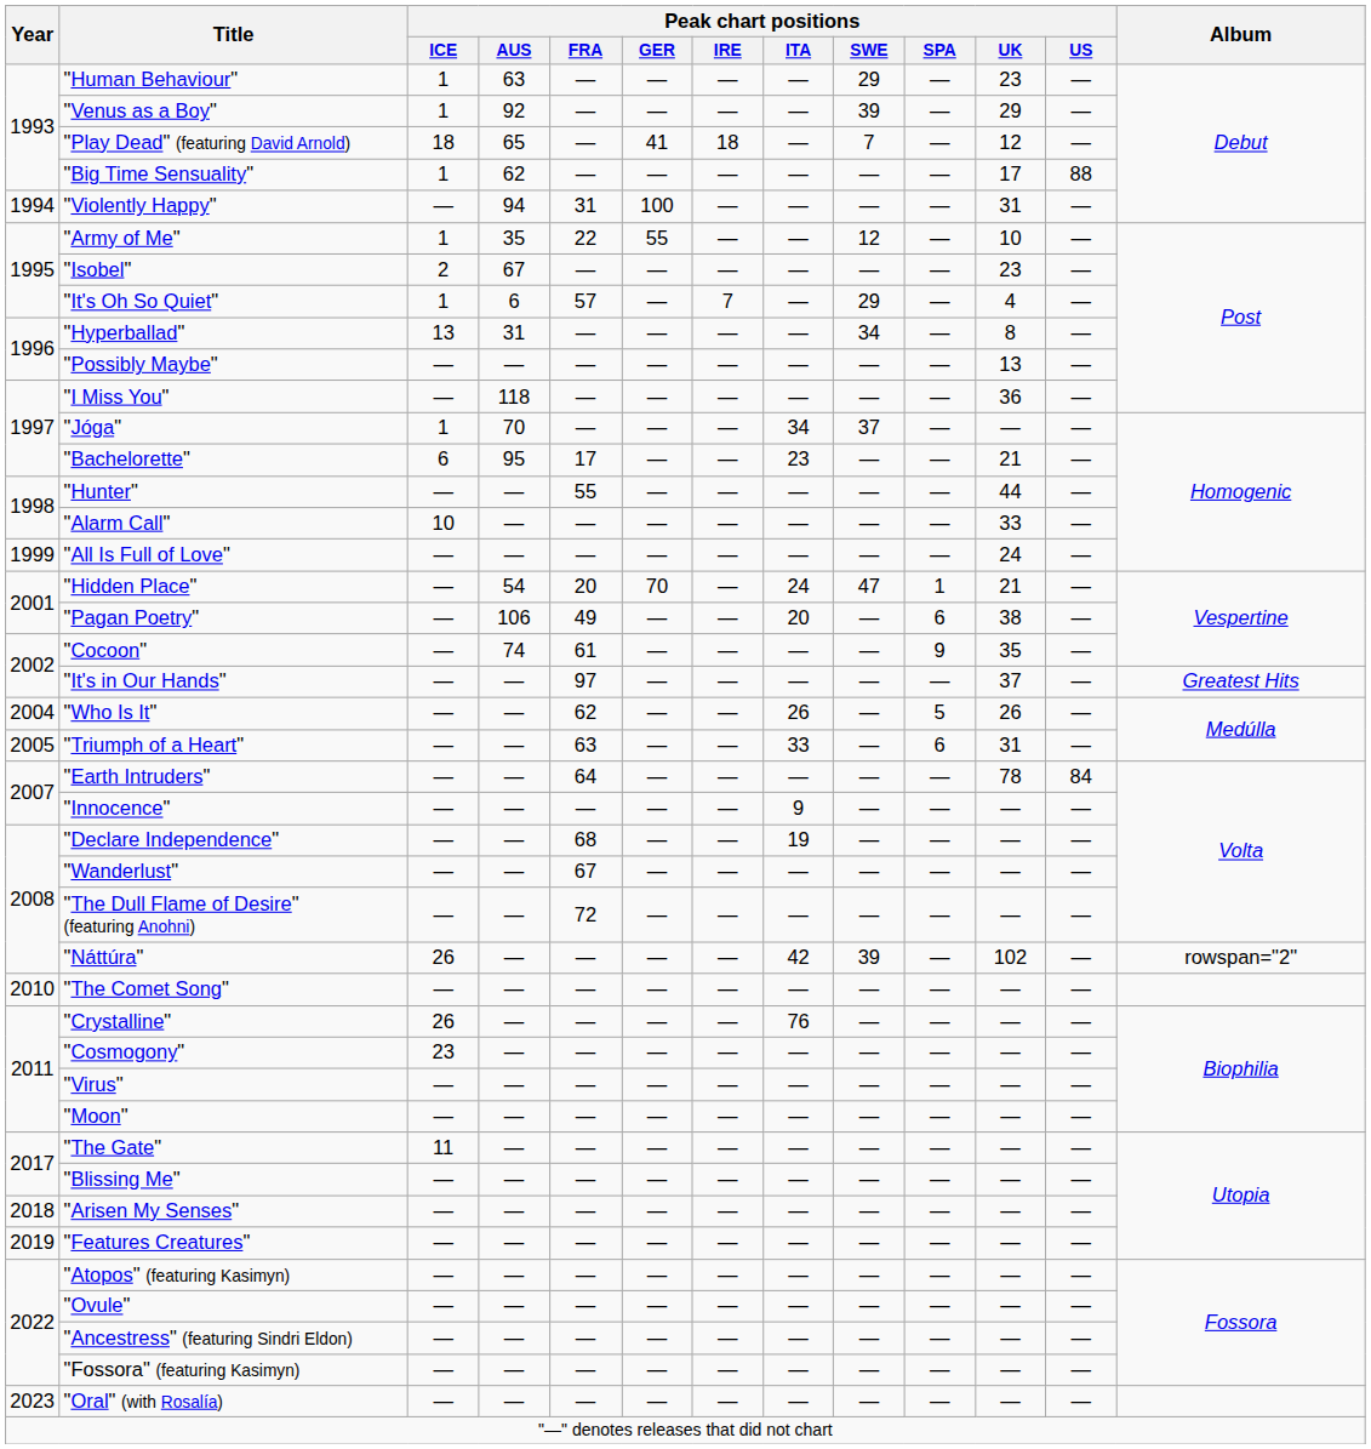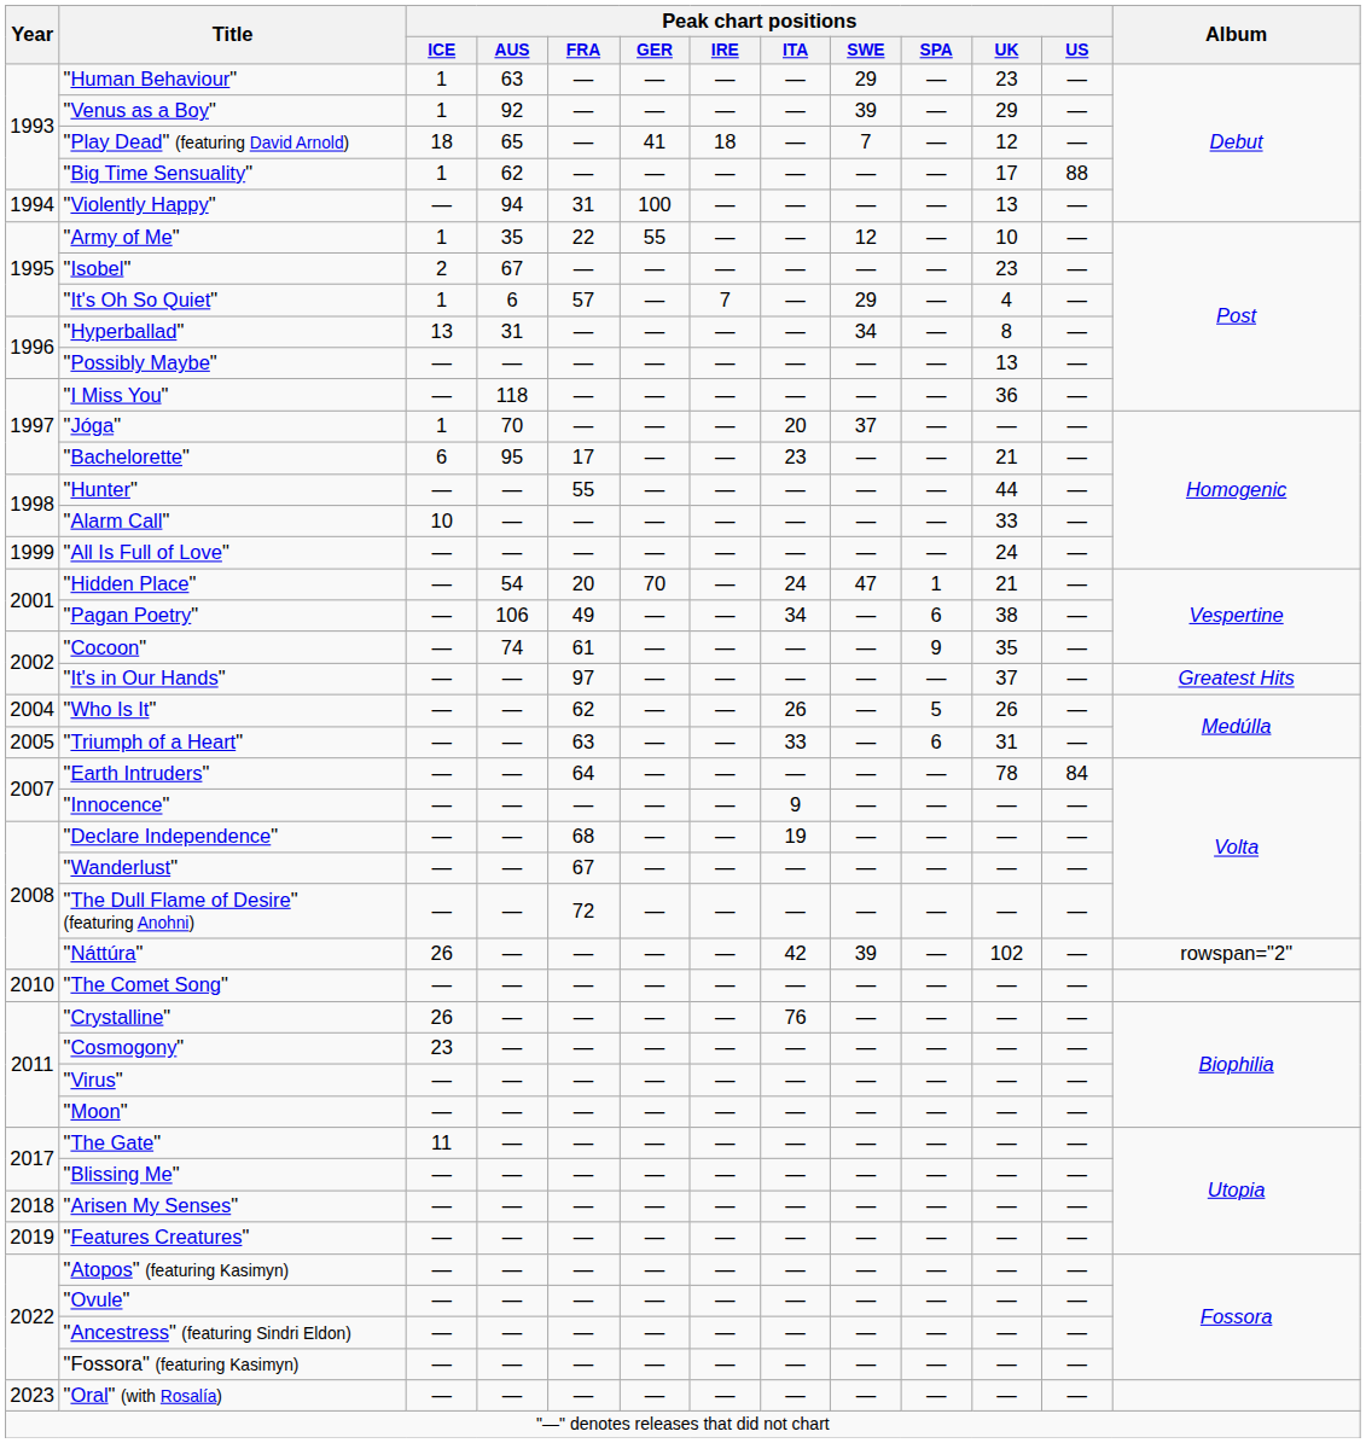 <table class="wikitable plainrowheaders" style="text-align:center;">
 <tr>
 <th scope="col" rowspan="2" style="width:1em;">Year</th>
 <th scope="col" rowspan="2" style="width:17em;">Title</th>
 <th scope="col" colspan="10" style="width:35em;">Peak chart positions</th>
 <th scope="col" rowspan="2" style="width:12em;">Album</th>
 </tr>
 <tr style="font-size:smaller;">
 <th style="width:34px;"><a href='#'>ICE</a><br></th>
 <th style="width:34px;"><a href='#'>AUS</a><br></th>
 <th style="width:35px;"><a href='#'>FRA</a><br></th>
 <th style="width:34px;"><a href='#'>GER</a><br></th>
 <th style="width:34px;"><a href='#'>IRE</a><br></th>
 <th style="width:34px;"><a href='#'>ITA</a></th>
 <th style="width:34px;"><a href='#'>SWE</a><br></th>
 <th style="width:34px;"><a href='#'>SPA</a><br></th>
 <th style="width:34px;"><a href='#'>UK</a><br></th>
 <th style="width:34px;"><a href='#'>US</a><br></th>
 </tr>
 <tr>
 <td rowspan="4">1993</td>
 <td style="text-align:left;">"<a href='#'>Human Behaviour</a>"</td>
 <td>1</td>
 <td>63</td>
 <td>—</td>
 <td>—</td>
 <td>—</td>
 <td>—</td>
 <td>29</td>
 <td>—</td>
 <td>23</td>
 <td>—</td>
 <td rowspan="5"><em><a href='#'>Debut</a></em></td>
 </tr>
 <tr>
 <td style="text-align:left;">"<a href='#'>Venus as a Boy</a>"</td>
 <td>1</td>
 <td>92</td>
 <td>—</td>
 <td>—</td>
 <td>—</td>
 <td>—</td>
 <td>39</td>
 <td>—</td>
 <td>29</td>
 <td>—</td>
 </tr>
 <tr>
 <td style="text-align:left;">"<a href='#'>Play Dead</a>" <small>(featuring <a href='#'>David Arnold</a>)</small></td>
 <td>18</td>
 <td>65</td>
 <td>—</td>
 <td>41</td>
 <td>18</td>
 <td>—</td>
 <td>7</td>
 <td>—</td>
 <td>12</td>
 <td>—</td>
 </tr>
 <tr>
 <td style="text-align:left;">"<a href='#'>Big Time Sensuality</a>"</td>
 <td>1</td>
 <td>62</td>
 <td>—</td>
 <td>—</td>
 <td>—</td>
 <td>—</td>
 <td>—</td>
 <td>—</td>
 <td>17</td>
 <td>88</td>
 </tr>
 <tr>
 <td>1994</td>
 <td style="text-align:left;">"<a href='#'>Violently Happy</a>"</td>
 <td>—</td>
 <td>94</td>
 <td>31</td>
 <td>100</td>
 <td>—</td>
 <td>—</td>
 <td>—</td>
 <td>—</td>
-<td>31</td>
+<td>13</td>
 <td>—</td>
 </tr>
 <tr>
 <td rowspan="3">1995</td>
 <td style="text-align:left;">"<a href='#'>Army of Me</a>"</td>
 <td>1</td>
 <td>35</td>
 <td>22</td>
 <td>55</td>
 <td>—</td>
 <td>—</td>
 <td>12</td>
 <td>—</td>
 <td>10</td>
 <td>—</td>
 <td rowspan="6"><em><a href='#'>Post</a></em></td>
 </tr>
 <tr>
 <td style="text-align:left;">"<a href='#'>Isobel</a>"</td>
 <td>2</td>
 <td>67</td>
 <td>—</td>
 <td>—</td>
 <td>—</td>
 <td>—</td>
 <td>—</td>
 <td>—</td>
 <td>23</td>
 <td>—</td>
 </tr>
 <tr>
 <td style="text-align:left;">"<a href='#'>It's Oh So Quiet</a>"</td>
 <td>1</td>
 <td>6</td>
 <td>57</td>
 <td>—</td>
 <td>7</td>
 <td>—</td>
 <td>29</td>
 <td>—</td>
 <td>4</td>
 <td>—</td>
 </tr>
 <tr>
 <td rowspan="2">1996</td>
 <td style="text-align:left;">"<a href='#'>Hyperballad</a>"</td>
 <td>13</td>
 <td>31</td>
 <td>—</td>
 <td>—</td>
 <td>—</td>
 <td>—</td>
 <td>34</td>
 <td>—</td>
 <td>8</td>
 <td>—</td>
 </tr>
 <tr>
 <td style="text-align:left;">"<a href='#'>Possibly Maybe</a>"</td>
 <td>—</td>
 <td>—</td>
 <td>—</td>
 <td>—</td>
 <td>—</td>
 <td>—</td>
 <td>—</td>
 <td>—</td>
 <td>13</td>
 <td>—</td>
 </tr>
 <tr>
 <td rowspan="3">1997</td>
 <td style="text-align:left;">"<a href='#'>I Miss You</a>"</td>
 <td>—</td>
 <td>118</td>
 <td>—</td>
 <td>—</td>
 <td>—</td>
 <td>—</td>
 <td>—</td>
 <td>—</td>
 <td>36</td>
 <td>—</td>
 </tr>
 <tr>
 <td style="text-align:left;">"<a href='#'>Jóga</a>"</td>
 <td>1</td>
 <td>70</td>
 <td>—</td>
 <td>—</td>
 <td>—</td>
-<td>34</td>
+<td>20</td>
 <td>37</td>
 <td>—</td>
 <td>—</td>
 <td>—</td>
 <td rowspan="5"><em><a href='#'>Homogenic</a></em></td>
 </tr>
 <tr>
 <td style="text-align:left;">"<a href='#'>Bachelorette</a>"</td>
 <td>6</td>
 <td>95</td>
 <td>17</td>
 <td>—</td>
 <td>—</td>
 <td>23</td>
 <td>—</td>
 <td>—</td>
 <td>21</td>
 <td>—</td>
 </tr>
 <tr>
 <td rowspan="2">1998</td>
 <td style="text-align:left;">"<a href='#'>Hunter</a>"</td>
 <td>—</td>
 <td>—</td>
 <td>55</td>
 <td>—</td>
 <td>—</td>
 <td>—</td>
 <td>—</td>
 <td>—</td>
 <td>44</td>
 <td>—</td>
 </tr>
 <tr>
 <td style="text-align:left;">"<a href='#'>Alarm Call</a>"</td>
 <td>10</td>
 <td>—</td>
 <td>—</td>
 <td>—</td>
 <td>—</td>
 <td>—</td>
 <td>—</td>
 <td>—</td>
 <td>33</td>
 <td>—</td>
 </tr>
 <tr>
 <td>1999</td>
 <td style="text-align:left;">"<a href='#'>All Is Full of Love</a>"</td>
 <td>—</td>
 <td>—</td>
 <td>—</td>
 <td>—</td>
 <td>—</td>
 <td>—</td>
 <td>—</td>
 <td>—</td>
 <td>24</td>
 <td>—</td>
 </tr>
 <tr>
 <td rowspan="2">2001</td>
 <td style="text-align:left;">"<a href='#'>Hidden Place</a>"</td>
 <td>—</td>
 <td>54</td>
 <td>20</td>
 <td>70</td>
 <td>—</td>
 <td>24</td>
 <td>47</td>
 <td>1</td>
 <td>21</td>
 <td>—</td>
 <td rowspan="3"><em><a href='#'>Vespertine</a></em></td>
 </tr>
 <tr>
 <td style="text-align:left;">"<a href='#'>Pagan Poetry</a>"</td>
 <td>—</td>
 <td>106</td>
 <td>49</td>
 <td>—</td>
 <td>—</td>
-<td>20</td>
+<td>34</td>
 <td>—</td>
 <td>6</td>
 <td>38</td>
 <td>—</td>
 </tr>
 <tr>
 <td rowspan="2">2002</td>
 <td style="text-align:left;">"<a href='#'>Cocoon</a>"</td>
 <td>—</td>
 <td>74</td>
 <td>61</td>
 <td>—</td>
 <td>—</td>
 <td>—</td>
 <td>—</td>
 <td>9</td>
 <td>35</td>
 <td>—</td>
 </tr>
 <tr>
 <td style="text-align:left;">"<a href='#'>It's in Our Hands</a>"</td>
 <td>—</td>
 <td>—</td>
 <td>97</td>
 <td>—</td>
 <td>—</td>
 <td>—</td>
 <td>—</td>
 <td>—</td>
 <td>37</td>
 <td>—</td>
 <td><em><a href='#'>Greatest Hits</a></em></td>
 </tr>
 <tr>
 <td>2004</td>
 <td style="text-align:left;">"<a href='#'>Who Is It</a>"</td>
 <td>—</td>
 <td>—</td>
 <td>62</td>
 <td>—</td>
 <td>—</td>
 <td>26</td>
 <td>—</td>
 <td>5</td>
 <td>26</td>
 <td>—</td>
 <td rowspan="2"><em><a href='#'>Medúlla</a></em></td>
 </tr>
 <tr>
 <td>2005</td>
 <td style="text-align:left;">"<a href='#'>Triumph of a Heart</a>"</td>
 <td>—</td>
 <td>—</td>
 <td>63</td>
 <td>—</td>
 <td>—</td>
 <td>33</td>
 <td>—</td>
 <td>6</td>
 <td>31</td>
 <td>—</td>
 </tr>
 <tr>
 <td rowspan="2">2007</td>
 <td style="text-align:left;">"<a href='#'>Earth Intruders</a>"</td>
 <td>—</td>
 <td>—</td>
 <td>64</td>
 <td>—</td>
 <td>—</td>
 <td>—</td>
 <td>—</td>
 <td>—</td>
 <td>78</td>
 <td>84</td>
 <td rowspan="5"><em><a href='#'>Volta</a></em></td>
 </tr>
 <tr>
 <td style="text-align:left;">"<a href='#'>Innocence</a>"</td>
 <td>—</td>
 <td>—</td>
 <td>—</td>
 <td>—</td>
 <td>—</td>
 <td>9</td>
 <td>—</td>
 <td>—</td>
 <td>—</td>
 <td>—</td>
 </tr>
 <tr>
 <td rowspan="4">2008</td>
 <td style="text-align:left;">"<a href='#'>Declare Independence</a>"</td>
 <td>—</td>
 <td>—</td>
 <td>68</td>
 <td>—</td>
 <td>—</td>
 <td>19</td>
 <td>—</td>
 <td>—</td>
 <td>—</td>
 <td>—</td>
 </tr>
 <tr>
 <td style="text-align:left;">"<a href='#'>Wanderlust</a>"</td>
 <td>—</td>
 <td>—</td>
 <td>67</td>
 <td>—</td>
 <td>—</td>
 <td>—</td>
 <td>—</td>
 <td>—</td>
 <td>—</td>
 <td>—</td>
 </tr>
 <tr>
 <td style="text-align:left;">"<a href='#'>The Dull Flame of Desire</a>"<br> <small>(featuring <a href='#'>Anohni</a>)</small></td>
 <td>—</td>
 <td>—</td>
 <td>72</td>
 <td>—</td>
 <td>—</td>
 <td>—</td>
 <td>—</td>
 <td>—</td>
 <td>—</td>
 <td>—</td>
 </tr>
 <tr>
 <td style="text-align:left;">"<a href='#'>Náttúra</a>"</td>
 <td>26</td>
 <td>—</td>
 <td>—</td>
 <td>—</td>
 <td>—</td>
 <td>42</td>
 <td>39</td>
 <td>—</td>
 <td>102</td>
 <td>—</td>
 <td>rowspan="2"  </td>
 </tr>
 <tr>
 <td>2010</td>
 <td style="text-align:left;">"<a href='#'>The Comet Song</a>"</td>
 <td>—</td>
 <td>—</td>
 <td>—</td>
 <td>—</td>
 <td>—</td>
 <td>—</td>
 <td>—</td>
 <td>—</td>
 <td>—</td>
 <td>—</td>
 </tr>
 <tr>
 <td rowspan="4">2011</td>
 <td style="text-align:left;">"<a href='#'>Crystalline</a>"</td>
 <td>26</td>
 <td>—</td>
 <td>—</td>
 <td>—</td>
 <td>—</td>
 <td>76</td>
 <td>—</td>
 <td>—</td>
 <td>—</td>
 <td>—</td>
 <td rowspan="4"><em><a href='#'>Biophilia</a></em></td>
 </tr>
 <tr>
 <td style="text-align:left;">"<a href='#'>Cosmogony</a>"</td>
 <td>23</td>
 <td>—</td>
 <td>—</td>
 <td>—</td>
 <td>—</td>
 <td>—</td>
 <td>—</td>
 <td>—</td>
 <td>—</td>
 <td>—</td>
 </tr>
 <tr>
 <td style="text-align:left;">"<a href='#'>Virus</a>"</td>
 <td>—</td>
 <td>—</td>
 <td>—</td>
 <td>—</td>
 <td>—</td>
 <td>—</td>
 <td>—</td>
 <td>—</td>
 <td>—</td>
 <td>—</td>
 </tr>
 <tr>
 <td style="text-align:left;">"<a href='#'>Moon</a>"</td>
 <td>—</td>
 <td>—</td>
 <td>—</td>
 <td>—</td>
 <td>—</td>
 <td>—</td>
 <td>—</td>
 <td>—</td>
 <td>—</td>
 <td>—</td>
 </tr>
 <tr>
 <td rowspan="2">2017</td>
 <td style="text-align:left;">"<a href='#'>The Gate</a>"</td>
 <td>11</td>
 <td>—</td>
 <td>—</td>
 <td>—</td>
 <td>—</td>
 <td>—</td>
 <td>—</td>
 <td>—</td>
 <td>—</td>
 <td>—</td>
 <td rowspan="4"><em><a href='#'>Utopia</a></em></td>
 </tr>
 <tr>
 <td style="text-align:left;">"<a href='#'>Blissing Me</a>"</td>
 <td>—</td>
 <td>—</td>
 <td>—</td>
 <td>—</td>
 <td>—</td>
 <td>—</td>
 <td>—</td>
 <td>—</td>
 <td>—</td>
 <td>—</td>
 </tr>
 <tr>
 <td>2018</td>
 <td style="text-align:left;">"<a href='#'>Arisen My Senses</a>"</td>
 <td>—</td>
 <td>—</td>
 <td>—</td>
 <td>—</td>
 <td>—</td>
 <td>—</td>
 <td>—</td>
 <td>—</td>
 <td>—</td>
 <td>—</td>
 </tr>
 <tr>
 <td>2019</td>
 <td style="text-align:left;">"<a href='#'>Features Creatures</a>"</td>
 <td>—</td>
 <td>—</td>
 <td>—</td>
 <td>—</td>
 <td>—</td>
 <td>—</td>
 <td>—</td>
 <td>—</td>
 <td>—</td>
 <td>—</td>
 </tr>
 <tr>
 <td rowspan="4">2022</td>
 <td style="text-align:left;">"<a href='#'>Atopos</a>" <small>(featuring Kasimyn)</small></td>
 <td>—</td>
 <td>—</td>
 <td>—</td>
 <td>—</td>
 <td>—</td>
 <td>—</td>
 <td>—</td>
 <td>—</td>
 <td>—</td>
 <td>—</td>
 <td rowspan="4"><em><a href='#'>Fossora</a></em></td>
 </tr>
 <tr>
 <td style="text-align:left;">"<a href='#'>Ovule</a>"</td>
 <td>—</td>
 <td>—</td>
 <td>—</td>
 <td>—</td>
 <td>—</td>
 <td>—</td>
 <td>—</td>
 <td>—</td>
 <td>—</td>
 <td>—</td>
 </tr>
 <tr>
 <td style="text-align:left;">"<a href='#'>Ancestress</a>" <small>(featuring Sindri Eldon)</small></td>
 <td>—</td>
 <td>—</td>
 <td>—</td>
 <td>—</td>
 <td>—</td>
 <td>—</td>
 <td>—</td>
 <td>—</td>
 <td>—</td>
 <td>—</td>
 </tr>
 <tr>
 <td style="text-align:left;">"Fossora" <small>(featuring Kasimyn)</small></td>
 <td>—</td>
 <td>—</td>
 <td>—</td>
 <td>—</td>
 <td>—</td>
 <td>—</td>
 <td>—</td>
 <td>—</td>
 <td>—</td>
 <td>—</td>
 </tr>
 <tr>
 <td>2023</td>
 <td style="text-align:left;">"<a href='#'>Oral</a>" <small>(with <a href='#'>Rosalía</a>)</small></td>
 <td>—</td>
 <td>—</td>
 <td>—</td>
 <td>—</td>
 <td>—</td>
 <td>—</td>
 <td>—</td>
 <td>—</td>
 <td>—</td>
 <td>—</td>
 <td></td>
 </tr>
 <tr>
 <td colspan="13" style="font-size:85%">"—" denotes releases that did not chart</td>
 </tr>
 </table>
